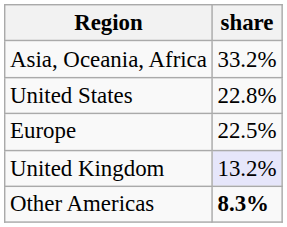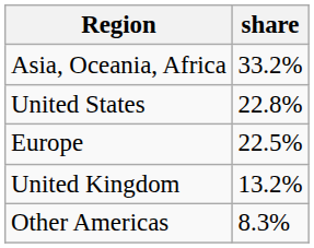 <table class="wikitable floatright">
 <tr>
 <th>Region</th>
 <th>share</th>
 </tr>
 <tr>
 <td>Asia, Oceania, Africa</td>
 <td>33.2%</td>
 </tr>
 <tr>
 <td>United States</td>
 <td>22.8%</td>
 </tr>
 <tr>
 <td>Europe</td>
 <td>22.5%</td>
 </tr>
 <tr>
 <td>United Kingdom</td>
-<td style="background: lavender;">13.2%</td>
+<td>13.2%</td>
 </tr>
 <tr>
 <td>Other Americas</td>
-<td><strong>8.3%</strong></td>
+<td>8.3%</td>
 </tr>
 </table>
